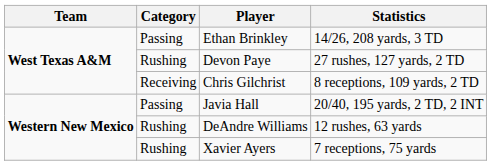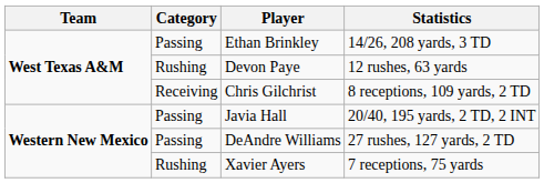 <table class="wikitable" style="float: left;">
 <tr>
 <th>Team</th>
 <th>Category</th>
 <th>Player</th>
 <th>Statistics</th>
 </tr>
 <tr>
 <td rowspan=3><strong>West Texas A&M</strong></td>
 <td>Passing</td>
 <td>Ethan Brinkley</td>
 <td>14/26, 208 yards, 3 TD</td>
 </tr>
 <tr>
 <td>Rushing</td>
 <td>Devon Paye</td>
-<td>27 rushes, 127 yards, 2 TD</td>
+<td>12 rushes, 63 yards</td>
 </tr>
 <tr>
 <td>Receiving</td>
 <td>Chris Gilchrist</td>
 <td>8 receptions, 109 yards, 2 TD</td>
 </tr>
 <tr>
 <td rowspan=3><strong>Western New Mexico</strong></td>
 <td>Passing</td>
 <td>Javia Hall</td>
 <td>20/40, 195 yards, 2 TD, 2 INT</td>
 </tr>
 <tr>
-<td>Rushing</td>
+<td>Passing</td>
 <td>DeAndre Williams</td>
-<td>12 rushes, 63 yards</td>
+<td>27 rushes, 127 yards, 2 TD</td>
 </tr>
 <tr>
 <td>Rushing</td>
 <td>Xavier Ayers</td>
 <td>7 receptions, 75 yards</td>
 </tr>
 </table>
